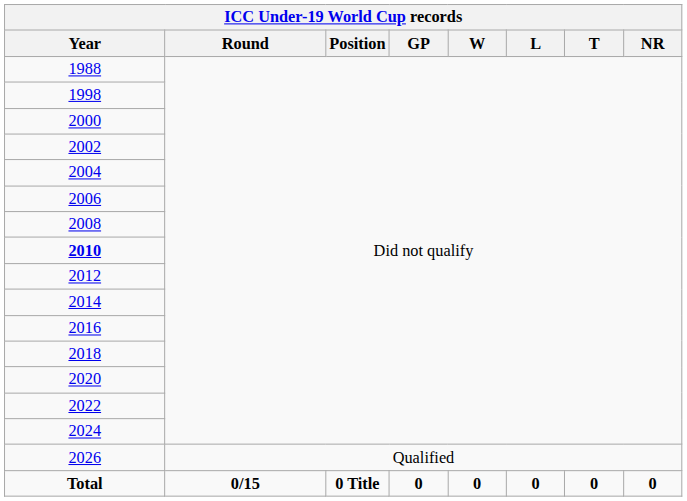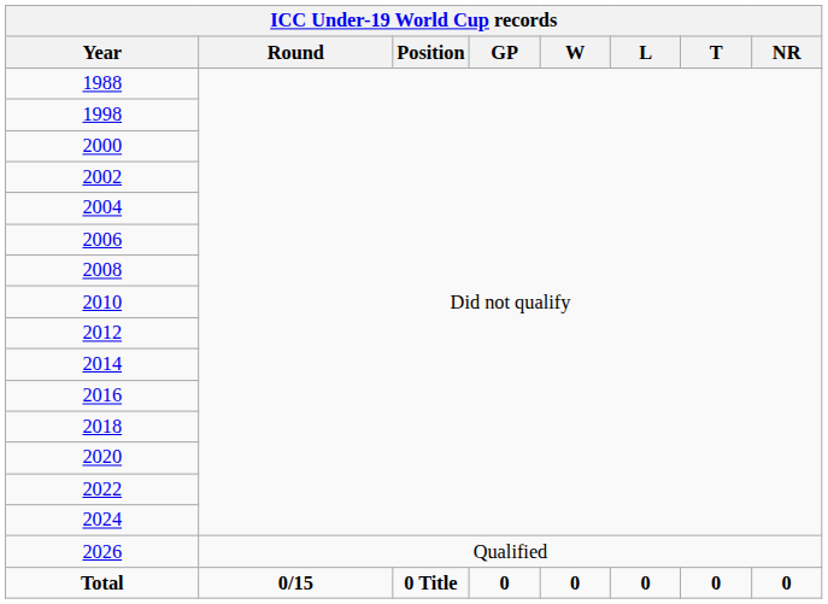 <table class="wikitable" style="text-align: center; width=900px;">
 <tr>
 <th colspan=9><a href='#'>ICC Under-19 World Cup</a> records</th>
 </tr>
 <tr>
 <th width=150>Year</th>
 <th width=150>Round</th>
 <th width=50>Position</th>
 <th width=50>GP</th>
 <th width=50>W</th>
 <th width=50>L</th>
 <th width=50>T</th>
 <th width=50>NR</th>
 </tr>
 <tr>
 <td> <a href='#'>1988</a></td>
 <td colspan=8 rowspan=15>Did not qualify</td>
 </tr>
 <tr>
 <td> <a href='#'>1998</a></td>
 </tr>
 <tr>
 <td> <a href='#'>2000</a></td>
 </tr>
 <tr>
 <td> <a href='#'>2002</a></td>
 </tr>
 <tr>
 <td> <a href='#'>2004</a></td>
 </tr>
 <tr>
 <td> <a href='#'>2006</a></td>
 </tr>
 <tr>
 <td> <a href='#'>2008</a></td>
 </tr>
 <tr>
-<td><strong> <a href='#'>2010</a></strong></td>
+<td> <a href='#'>2010</a></td>
 </tr>
 <tr>
 <td> <a href='#'>2012</a></td>
 </tr>
 <tr>
 <td> <a href='#'>2014</a></td>
 </tr>
 <tr>
 <td> <a href='#'>2016</a></td>
 </tr>
 <tr>
 <td> <a href='#'>2018</a></td>
 </tr>
 <tr>
 <td> <a href='#'>2020</a></td>
 </tr>
 <tr>
 <td> <a href='#'>2022</a></td>
 </tr>
 <tr>
 <td> <a href='#'>2024</a></td>
 </tr>
 <tr>
 <td>  <a href='#'>2026</a></td>
 <td colspan=8 rowspan=1>Qualified</td>
 </tr>
 <tr>
 <td><strong>Total</strong></td>
 <td><strong>0/15</strong></td>
 <td><strong>0 Title</strong></td>
 <td><strong>0</strong></td>
 <td><strong>0</strong></td>
 <td><strong>0</strong></td>
 <td><strong>0</strong></td>
 <td><strong>0</strong></td>
 </tr>
 </table>
